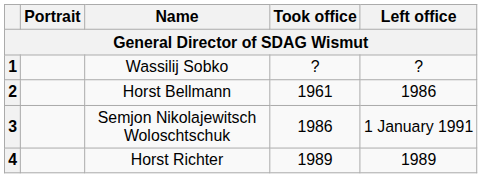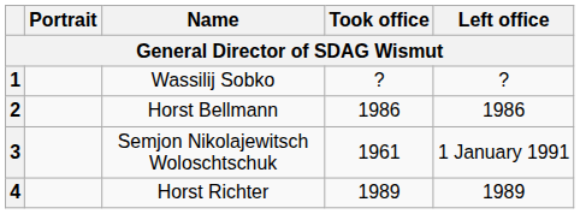 <table class="wikitable" style="text-align:center">
 <tr>
 <th></th>
 <th>Portrait</th>
 <th width=180>Name<br></th>
 <th>Took office</th>
 <th>Left office</th>
 </tr>
 <tr>
 <th colspan=5>General Director of SDAG Wismut</th>
 </tr>
 <tr>
 <th style="background:">1</th>
 <td></td>
 <td>Wassilij Sobko</td>
 <td>?</td>
 <td>?</td>
 </tr>
 <tr>
 <th style="background:">2</th>
 <td></td>
 <td>Horst Bellmann<br></td>
-<td>1961</td>
+<td>1986</td>
 <td>1986</td>
 </tr>
 <tr>
 <th style="background:">3</th>
 <td></td>
 <td>Semjon Nikolajewitsch Woloschtschuk<br></td>
-<td>1986</td>
+<td>1961</td>
 <td>1 January 1991</td>
 </tr>
 <tr>
 <th style="background:">4</th>
 <td></td>
 <td>Horst Richter<br></td>
 <td>1989</td>
 <td>1989</td>
 </tr>
 </table>
